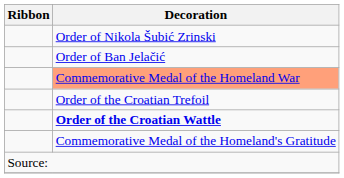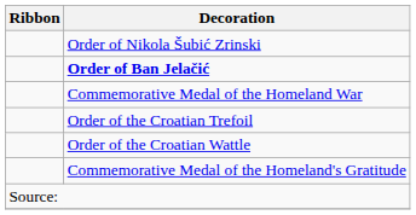 <table class="wikitable">
 <tr>
 <th width="0%">Ribbon</th>
 <th width="0%">Decoration</th>
 </tr>
 <tr>
 <td></td>
 <td><a href='#'>Order of Nikola Šubić Zrinski</a></td>
 </tr>
 <tr>
 <td></td>
-<td><a href='#'>Order of Ban Jelačić</a></td>
+<td><strong><a href='#'>Order of Ban Jelačić</a></strong></td>
 </tr>
 <tr>
 <td></td>
-<td style="background: lightsalmon;"><a href='#'>Commemorative Medal of the Homeland War</a></td>
+<td><a href='#'>Commemorative Medal of the Homeland War</a></td>
 </tr>
 <tr>
 <td></td>
 <td><a href='#'>Order of the Croatian Trefoil</a></td>
 </tr>
 <tr>
 <td></td>
-<td><strong><a href='#'>Order of the Croatian Wattle</a></strong></td>
+<td><a href='#'>Order of the Croatian Wattle</a></td>
 </tr>
 <tr>
 <td></td>
 <td><a href='#'>Commemorative Medal of the Homeland's Gratitude</a></td>
 </tr>
 <tr>
 <td colspan=5>Source:</td>
 </tr>
 <tr>
 </tr>
 </table>
